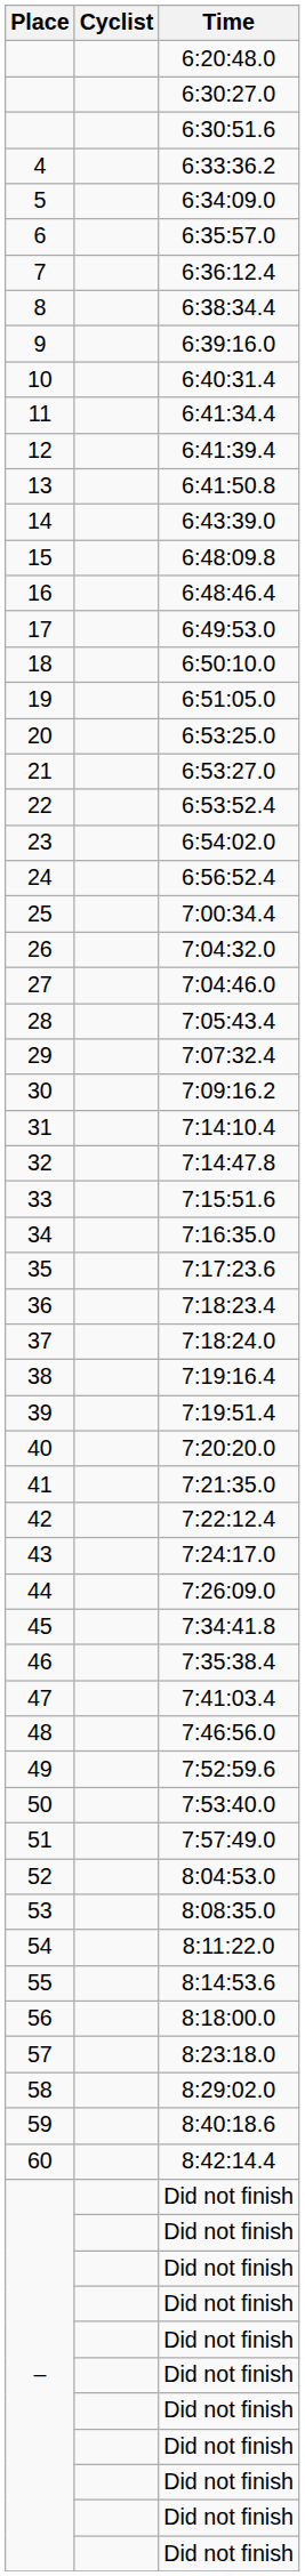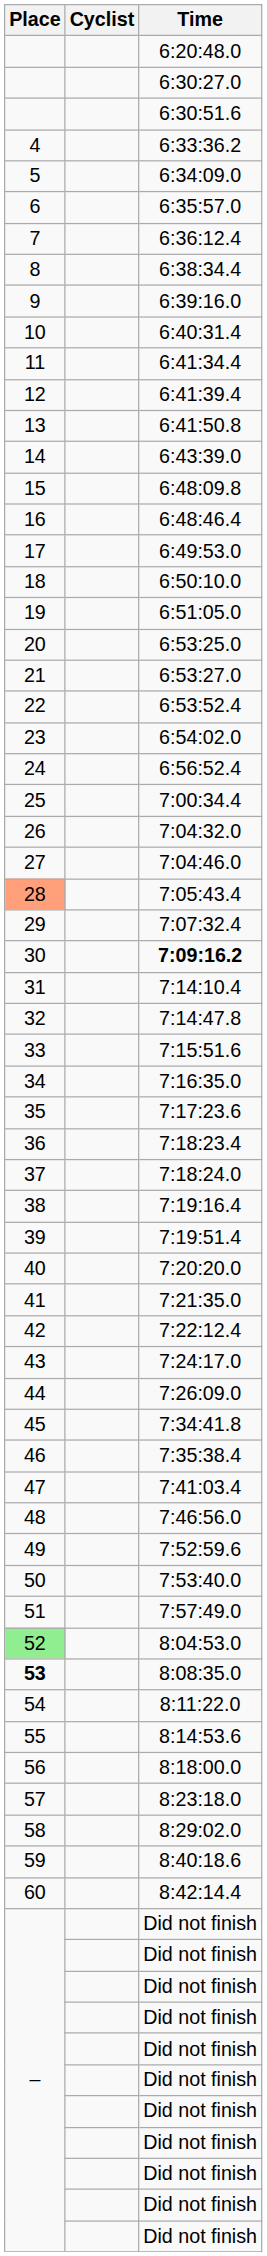 <table class=wikitable style="text-align:center">
 <tr>
 <th>Place</th>
 <th>Cyclist</th>
 <th>Time</th>
 </tr>
 <tr>
 <td></td>
 <td align=left></td>
 <td>6:20:48.0</td>
 </tr>
 <tr>
 <td></td>
 <td align=left></td>
 <td>6:30:27.0</td>
 </tr>
 <tr>
 <td></td>
 <td align=left></td>
 <td>6:30:51.6</td>
 </tr>
 <tr>
 <td>4</td>
 <td align=left></td>
 <td>6:33:36.2</td>
 </tr>
 <tr>
 <td>5</td>
 <td align=left></td>
 <td>6:34:09.0</td>
 </tr>
 <tr>
 <td>6</td>
 <td align=left></td>
 <td>6:35:57.0</td>
 </tr>
 <tr>
 <td>7</td>
 <td align=left></td>
 <td>6:36:12.4</td>
 </tr>
 <tr>
 <td>8</td>
 <td align=left></td>
 <td>6:38:34.4</td>
 </tr>
 <tr>
 <td>9</td>
 <td align=left></td>
 <td>6:39:16.0</td>
 </tr>
 <tr>
 <td>10</td>
 <td align=left></td>
 <td>6:40:31.4</td>
 </tr>
 <tr>
 <td>11</td>
 <td align=left></td>
 <td>6:41:34.4</td>
 </tr>
 <tr>
 <td>12</td>
 <td align=left></td>
 <td>6:41:39.4</td>
 </tr>
 <tr>
 <td>13</td>
 <td align=left></td>
 <td>6:41:50.8</td>
 </tr>
 <tr>
 <td>14</td>
 <td align=left></td>
 <td>6:43:39.0</td>
 </tr>
 <tr>
 <td>15</td>
 <td align=left></td>
 <td>6:48:09.8</td>
 </tr>
 <tr>
 <td>16</td>
 <td align=left></td>
 <td>6:48:46.4</td>
 </tr>
 <tr>
 <td>17</td>
 <td align=left></td>
 <td>6:49:53.0</td>
 </tr>
 <tr>
 <td>18</td>
 <td align=left></td>
 <td>6:50:10.0</td>
 </tr>
 <tr>
 <td>19</td>
 <td align=left></td>
 <td>6:51:05.0</td>
 </tr>
 <tr>
 <td>20</td>
 <td align=left></td>
 <td>6:53:25.0</td>
 </tr>
 <tr>
 <td>21</td>
 <td align=left></td>
 <td>6:53:27.0</td>
 </tr>
 <tr>
 <td>22</td>
 <td align=left></td>
 <td>6:53:52.4</td>
 </tr>
 <tr>
 <td>23</td>
 <td align=left></td>
 <td>6:54:02.0</td>
 </tr>
 <tr>
 <td>24</td>
 <td align=left></td>
 <td>6:56:52.4</td>
 </tr>
 <tr>
 <td>25</td>
 <td align=left></td>
 <td>7:00:34.4</td>
 </tr>
 <tr>
 <td>26</td>
 <td align=left></td>
 <td>7:04:32.0</td>
 </tr>
 <tr>
 <td>27</td>
 <td align=left></td>
 <td>7:04:46.0</td>
 </tr>
 <tr>
-<td>28</td>
+<td style="background: lightsalmon;">28</td>
 <td align=left></td>
 <td>7:05:43.4</td>
 </tr>
 <tr>
 <td>29</td>
 <td align=left></td>
 <td>7:07:32.4</td>
 </tr>
 <tr>
 <td>30</td>
 <td align=left></td>
-<td>7:09:16.2</td>
+<td><strong>7:09:16.2</strong></td>
 </tr>
 <tr>
 <td>31</td>
 <td align=left></td>
 <td>7:14:10.4</td>
 </tr>
 <tr>
 <td>32</td>
 <td align=left></td>
 <td>7:14:47.8</td>
 </tr>
 <tr>
 <td>33</td>
 <td align=left></td>
 <td>7:15:51.6</td>
 </tr>
 <tr>
 <td>34</td>
 <td align=left></td>
 <td>7:16:35.0</td>
 </tr>
 <tr>
 <td>35</td>
 <td align=left></td>
 <td>7:17:23.6</td>
 </tr>
 <tr>
 <td>36</td>
 <td align=left></td>
 <td>7:18:23.4</td>
 </tr>
 <tr>
 <td>37</td>
 <td align=left></td>
 <td>7:18:24.0</td>
 </tr>
 <tr>
 <td>38</td>
 <td align=left></td>
 <td>7:19:16.4</td>
 </tr>
 <tr>
 <td>39</td>
 <td align=left></td>
 <td>7:19:51.4</td>
 </tr>
 <tr>
 <td>40</td>
 <td align=left></td>
 <td>7:20:20.0</td>
 </tr>
 <tr>
 <td>41</td>
 <td align=left></td>
 <td>7:21:35.0</td>
 </tr>
 <tr>
 <td>42</td>
 <td align=left></td>
 <td>7:22:12.4</td>
 </tr>
 <tr>
 <td>43</td>
 <td align=left></td>
 <td>7:24:17.0</td>
 </tr>
 <tr>
 <td>44</td>
 <td align=left></td>
 <td>7:26:09.0</td>
 </tr>
 <tr>
 <td>45</td>
 <td align=left></td>
 <td>7:34:41.8</td>
 </tr>
 <tr>
 <td>46</td>
 <td align=left></td>
 <td>7:35:38.4</td>
 </tr>
 <tr>
 <td>47</td>
 <td align=left></td>
 <td>7:41:03.4</td>
 </tr>
 <tr>
 <td>48</td>
 <td align=left></td>
 <td>7:46:56.0</td>
 </tr>
 <tr>
 <td>49</td>
 <td align=left></td>
 <td>7:52:59.6</td>
 </tr>
 <tr>
 <td>50</td>
 <td align=left></td>
 <td>7:53:40.0</td>
 </tr>
 <tr>
 <td>51</td>
 <td align=left></td>
 <td>7:57:49.0</td>
 </tr>
 <tr>
-<td>52</td>
+<td style="background: lightgreen;">52</td>
 <td align=left></td>
 <td>8:04:53.0</td>
 </tr>
 <tr>
-<td>53</td>
+<td><strong>53</strong></td>
 <td align=left></td>
 <td>8:08:35.0</td>
 </tr>
 <tr>
 <td>54</td>
 <td align=left></td>
 <td>8:11:22.0</td>
 </tr>
 <tr>
 <td>55</td>
 <td align=left></td>
 <td>8:14:53.6</td>
 </tr>
 <tr>
 <td>56</td>
 <td align=left></td>
 <td>8:18:00.0</td>
 </tr>
 <tr>
 <td>57</td>
 <td align=left></td>
 <td>8:23:18.0</td>
 </tr>
 <tr>
 <td>58</td>
 <td align=left></td>
 <td>8:29:02.0</td>
 </tr>
 <tr>
 <td>59</td>
 <td align=left></td>
 <td>8:40:18.6</td>
 </tr>
 <tr>
 <td>60</td>
 <td align=left></td>
 <td>8:42:14.4</td>
 </tr>
 <tr>
 <td rowspan=11>–</td>
 <td align=left></td>
 <td>Did not finish</td>
 </tr>
 <tr>
 <td align=left></td>
 <td>Did not finish</td>
 </tr>
 <tr>
 <td align=left></td>
 <td>Did not finish</td>
 </tr>
 <tr>
 <td align=left></td>
 <td>Did not finish</td>
 </tr>
 <tr>
 <td align=left></td>
 <td>Did not finish</td>
 </tr>
 <tr>
 <td align=left></td>
 <td>Did not finish</td>
 </tr>
 <tr>
 <td align=left></td>
 <td>Did not finish</td>
 </tr>
 <tr>
 <td align=left></td>
 <td>Did not finish</td>
 </tr>
 <tr>
 <td align=left></td>
 <td>Did not finish</td>
 </tr>
 <tr>
 <td align=left></td>
 <td>Did not finish</td>
 </tr>
 <tr>
 <td align=left></td>
 <td>Did not finish</td>
 </tr>
 </table>
